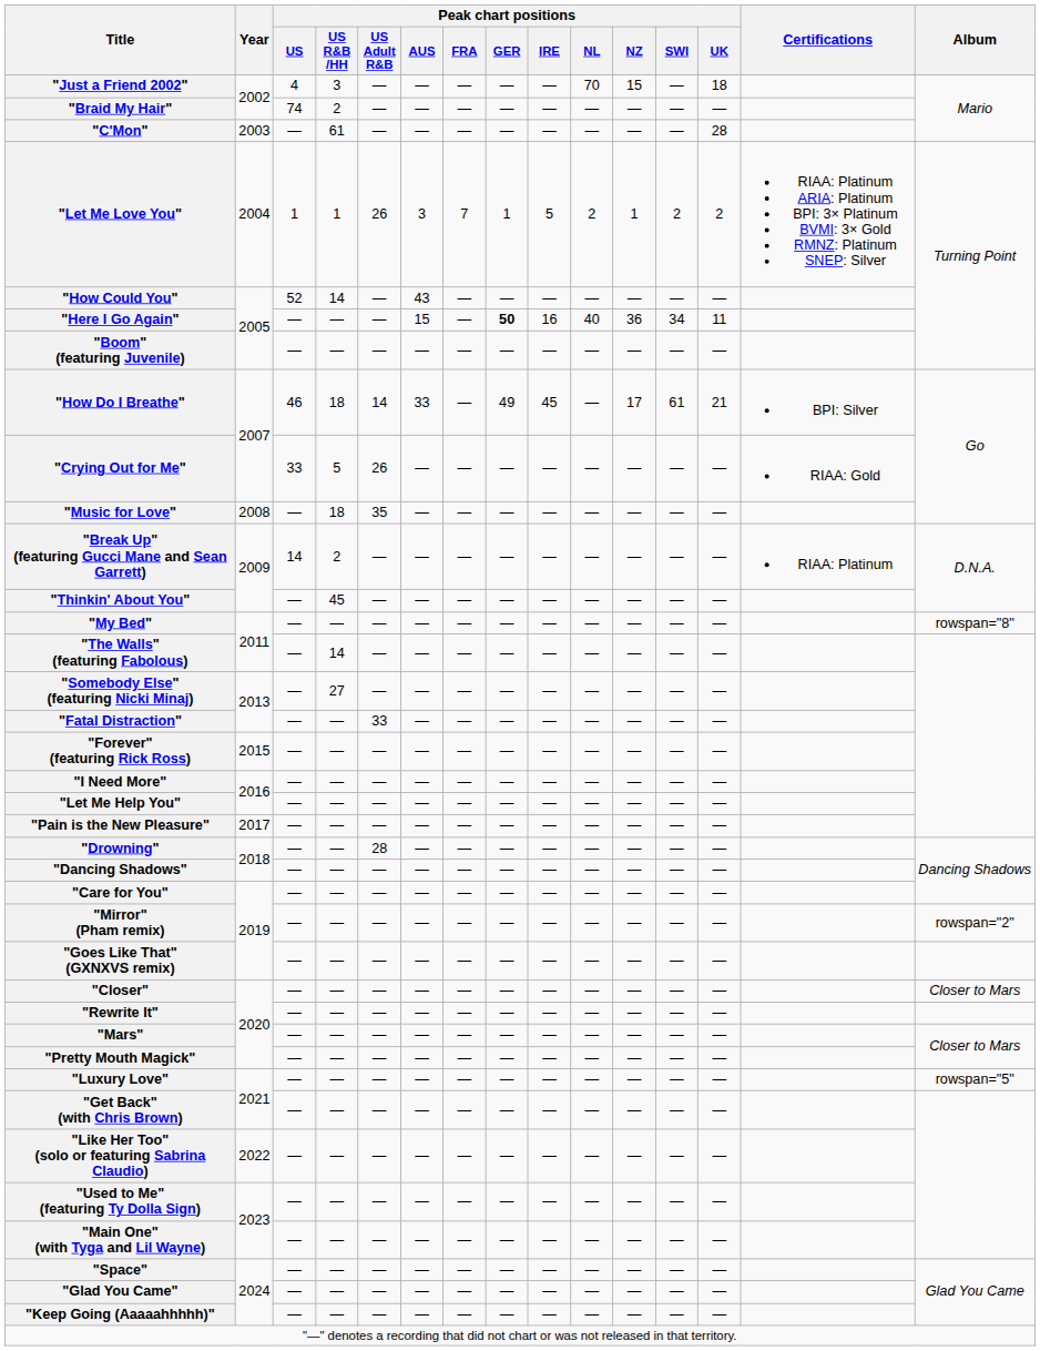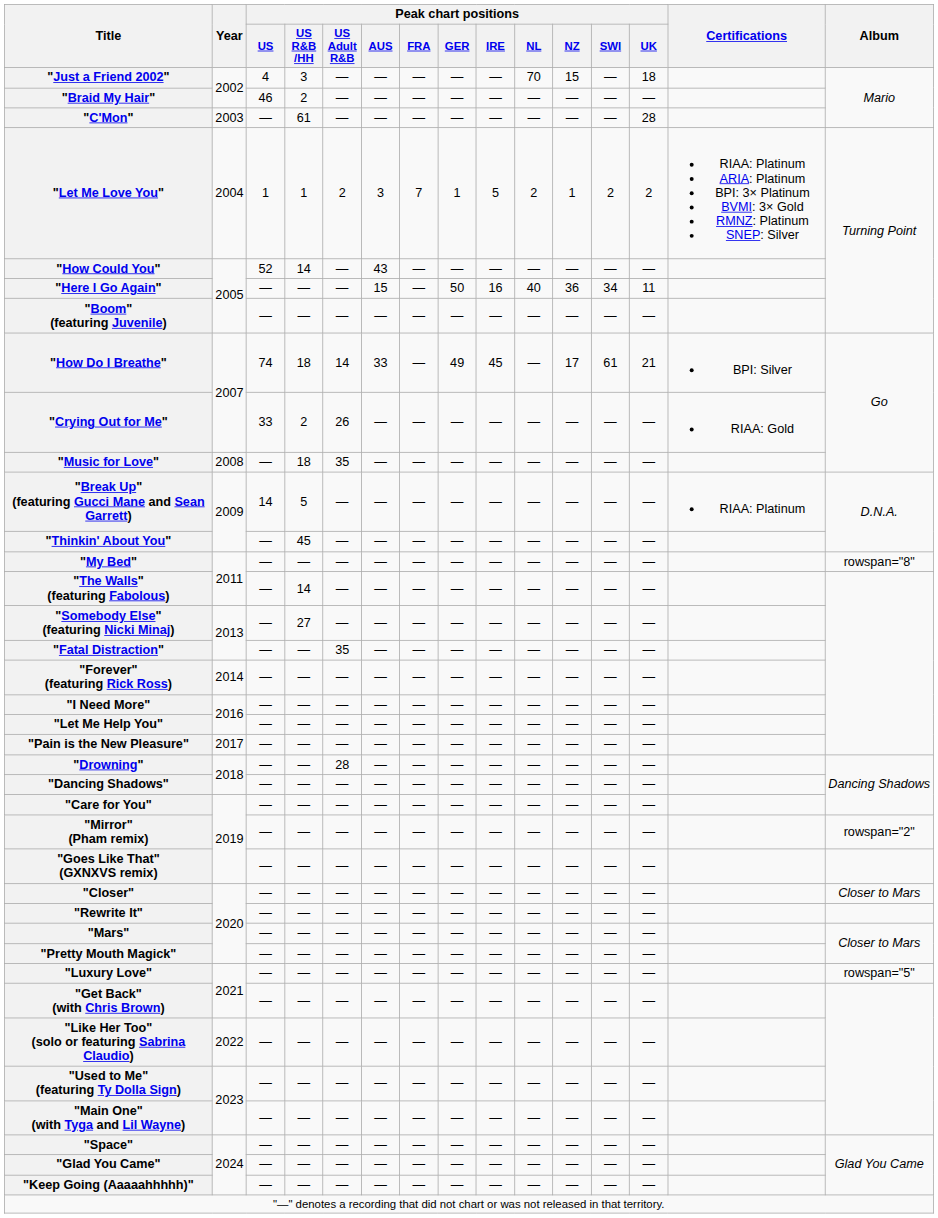 <table class="wikitable plainrowheaders" style="text-align:center;">
 <tr>
 <th scope="col" rowspan="2" style="width:16em;">Title</th>
 <th scope="col" rowspan="2">Year</th>
 <th scope="col" colspan="11">Peak chart positions</th>
 <th scope="col" rowspan="2" style="width:12em;"><a href='#'>Certifications</a></th>
 <th scope="col" rowspan="2">Album</th>
 </tr>
 <tr>
 <th scope="col" style="width:2.9em;font-size:90%;"><a href='#'>US</a><br></th>
 <th scope="col" style="width:2.9em;font-size:90%;"><a href='#'>US R&B<br>/HH</a><br></th>
 <th scope="col"style="width:2.9em;font-size:90%;"><a href='#'>US Adult R&B</a><br></th>
 <th scope="col" style="width:2.9em;font-size:90%;"><a href='#'>AUS</a><br></th>
 <th scope="col" style="width:2.9em;font-size:90%;"><a href='#'>FRA</a><br></th>
 <th scope="col" style="width:2.9em;font-size:90%;"><a href='#'>GER</a><br></th>
 <th scope="col" style="width:2.9em;font-size:90%;"><a href='#'>IRE</a><br></th>
 <th scope="col" style="width:2.9em;font-size:90%;"><a href='#'>NL</a><br></th>
 <th scope="col" style="width:2.9em;font-size:90%;"><a href='#'>NZ</a><br></th>
 <th scope="col" style="width:2.9em;font-size:90%;"><a href='#'>SWI</a><br></th>
 <th scope="col" style="width:2.9em;font-size:90%;"><a href='#'>UK</a><br></th>
 </tr>
 <tr>
 <th scope="row">"<a href='#'>Just a Friend 2002</a>"</th>
 <td rowspan="2">2002</td>
 <td>4</td>
 <td>3</td>
 <td>—</td>
 <td>—</td>
 <td>—</td>
 <td>—</td>
 <td>—</td>
 <td>70</td>
 <td>15</td>
 <td>—</td>
 <td>18</td>
 <td></td>
 <td rowspan="3"><em>Mario</em></td>
 </tr>
 <tr>
 <th scope="row">"<a href='#'>Braid My Hair</a>"</th>
-<td>74</td>
+<td>46</td>
 <td>2</td>
 <td>—</td>
 <td>—</td>
 <td>—</td>
 <td>—</td>
 <td>—</td>
 <td>—</td>
 <td>—</td>
 <td>—</td>
 <td>—</td>
 <td></td>
 </tr>
 <tr>
 <th scope="row">"<a href='#'>C'Mon</a>"</th>
 <td>2003</td>
 <td>—</td>
 <td>61</td>
 <td>—</td>
 <td>—</td>
 <td>—</td>
 <td>—</td>
 <td>—</td>
 <td>—</td>
 <td>—</td>
 <td>—</td>
 <td>28</td>
 <td></td>
 </tr>
 <tr>
 <th scope="row">"<a href='#'>Let Me Love You</a>"</th>
 <td>2004</td>
 <td>1</td>
 <td>1</td>
-<td>26</td>
+<td>2</td>
 <td>3</td>
 <td>7</td>
 <td>1</td>
 <td>5</td>
 <td>2</td>
 <td>1</td>
 <td>2</td>
 <td>2</td>
 <td><br><ul><li>RIAA: Platinum</li><li><a href='#'>ARIA</a>: Platinum</li><li>BPI: 3× Platinum</li><li><a href='#'>BVMI</a>: 3× Gold</li><li><a href='#'>RMNZ</a>: Platinum</li><li><a href='#'>SNEP</a>: Silver</li></ul></td>
 <td rowspan="4"><em>Turning Point</em></td>
 </tr>
 <tr>
 <th scope="row">"<a href='#'>How Could You</a>"</th>
 <td rowspan="3">2005</td>
 <td>52</td>
 <td>14</td>
 <td>—</td>
 <td>43</td>
 <td>—</td>
 <td>—</td>
 <td>—</td>
 <td>—</td>
 <td>—</td>
 <td>—</td>
 <td>—</td>
 <td></td>
 </tr>
 <tr>
 <th scope="row">"<a href='#'>Here I Go Again</a>"</th>
 <td>—</td>
 <td>—</td>
 <td>—</td>
 <td>15</td>
 <td>—</td>
-<td><strong>50</strong></td>
+<td>50</td>
 <td>16</td>
 <td>40</td>
 <td>36</td>
 <td>34</td>
 <td>11</td>
 <td></td>
 </tr>
 <tr>
 <th scope="row">"<a href='#'>Boom</a>"<br><span>(featuring <a href='#'>Juvenile</a>)</span></th>
 <td>—</td>
 <td>—</td>
 <td>—</td>
 <td>—</td>
 <td>—</td>
 <td>—</td>
 <td>—</td>
 <td>—</td>
 <td>—</td>
 <td>—</td>
 <td>—</td>
 <td></td>
 </tr>
 <tr>
 <th scope="row">"<a href='#'>How Do I Breathe</a>"</th>
 <td rowspan="2">2007</td>
-<td>46</td>
+<td>74</td>
 <td>18</td>
 <td>14</td>
 <td>33</td>
 <td>—</td>
 <td>49</td>
 <td>45</td>
 <td>—</td>
 <td>17</td>
 <td>61</td>
 <td>21</td>
 <td><br><ul><li>BPI: Silver</li></ul></td>
 <td rowspan="3"><em>Go</em></td>
 </tr>
 <tr>
 <th scope="row">"<a href='#'>Crying Out for Me</a>"</th>
 <td>33</td>
-<td>5</td>
+<td>2</td>
 <td>26</td>
 <td>—</td>
 <td>—</td>
 <td>—</td>
 <td>—</td>
 <td>—</td>
 <td>—</td>
 <td>—</td>
 <td>—</td>
 <td><br><ul><li>RIAA: Gold</li></ul></td>
 </tr>
 <tr>
 <th scope="row">"<a href='#'>Music for Love</a>"</th>
 <td>2008</td>
 <td>—</td>
 <td>18</td>
 <td>35</td>
 <td>—</td>
 <td>—</td>
 <td>—</td>
 <td>—</td>
 <td>—</td>
 <td>—</td>
 <td>—</td>
 <td>—</td>
 <td></td>
 </tr>
 <tr>
 <th scope="row">"<a href='#'>Break Up</a>"<br><span>(featuring <a href='#'>Gucci Mane</a> and <a href='#'>Sean Garrett</a>)</span></th>
 <td rowspan="2">2009</td>
 <td>14</td>
-<td>2</td>
+<td>5</td>
 <td>—</td>
 <td>—</td>
 <td>—</td>
 <td>—</td>
 <td>—</td>
 <td>—</td>
 <td>—</td>
 <td>—</td>
 <td>—</td>
 <td><br><ul><li>RIAA: Platinum</li></ul></td>
 <td rowspan="2"><em>D.N.A.</em></td>
 </tr>
 <tr>
 <th scope="row">"<a href='#'>Thinkin' About You</a>"</th>
 <td>—</td>
 <td>45</td>
 <td>—</td>
 <td>—</td>
 <td>—</td>
 <td>—</td>
 <td>—</td>
 <td>—</td>
 <td>—</td>
 <td>—</td>
 <td>—</td>
 <td></td>
 </tr>
 <tr>
 <th scope="row">"<a href='#'>My Bed</a>"</th>
 <td rowspan="2">2011</td>
 <td>—</td>
 <td>—</td>
 <td>—</td>
 <td>—</td>
 <td>—</td>
 <td>—</td>
 <td>—</td>
 <td>—</td>
 <td>—</td>
 <td>—</td>
 <td>—</td>
 <td></td>
 <td>rowspan="8" </td>
 </tr>
 <tr>
 <th scope="row">"<a href='#'>The Walls</a>"<br><span>(featuring <a href='#'>Fabolous</a>)</span></th>
 <td>—</td>
 <td>14</td>
 <td>—</td>
 <td>—</td>
 <td>—</td>
 <td>—</td>
 <td>—</td>
 <td>—</td>
 <td>—</td>
 <td>—</td>
 <td>—</td>
 <td></td>
 </tr>
 <tr>
 <th scope="row">"<a href='#'>Somebody Else</a>"<br><span>(featuring <a href='#'>Nicki Minaj</a>)</span></th>
 <td rowspan="2">2013</td>
 <td>—</td>
 <td>27</td>
 <td>—</td>
 <td>—</td>
 <td>—</td>
 <td>—</td>
 <td>—</td>
 <td>—</td>
 <td>—</td>
 <td>—</td>
 <td>—</td>
 <td></td>
 </tr>
 <tr>
 <th scope="row">"<a href='#'>Fatal Distraction</a>"</th>
 <td>―</td>
 <td>―</td>
-<td>33</td>
+<td>35</td>
 <td>—</td>
 <td>—</td>
 <td>—</td>
 <td>—</td>
 <td>—</td>
 <td>—</td>
 <td>—</td>
 <td>—</td>
 <td></td>
 </tr>
 <tr>
 <th scope="row">"Forever" <br><span>(featuring <a href='#'>Rick Ross</a>)</span></th>
-<td>2015</td>
+<td>2014</td>
 <td>―</td>
 <td>―</td>
 <td>—</td>
 <td>—</td>
 <td>—</td>
 <td>—</td>
 <td>—</td>
 <td>—</td>
 <td>—</td>
 <td>—</td>
 <td>—</td>
 <td></td>
 </tr>
 <tr>
 <th scope="row">"I Need More"</th>
 <td rowspan="2">2016</td>
 <td>―</td>
 <td>―</td>
 <td>—</td>
 <td>—</td>
 <td>—</td>
 <td>—</td>
 <td>—</td>
 <td>—</td>
 <td>—</td>
 <td>—</td>
 <td>—</td>
 <td></td>
 </tr>
 <tr>
 <th scope="row">"Let Me Help You"</th>
 <td>―</td>
 <td>―</td>
 <td>—</td>
 <td>—</td>
 <td>—</td>
 <td>—</td>
 <td>—</td>
 <td>—</td>
 <td>—</td>
 <td>—</td>
 <td>—</td>
 <td></td>
 </tr>
 <tr>
 <th scope="row">"Pain is the New Pleasure"</th>
 <td>2017</td>
 <td>―</td>
 <td>―</td>
 <td>—</td>
 <td>—</td>
 <td>—</td>
 <td>—</td>
 <td>—</td>
 <td>—</td>
 <td>—</td>
 <td>—</td>
 <td>—</td>
 <td></td>
 </tr>
 <tr>
 <th scope="row">"<a href='#'>Drowning</a>"</th>
 <td rowspan="2">2018</td>
 <td>―</td>
 <td>―</td>
 <td>28</td>
 <td>—</td>
 <td>—</td>
 <td>—</td>
 <td>—</td>
 <td>—</td>
 <td>—</td>
 <td>—</td>
 <td>—</td>
 <td></td>
 <td rowspan="3"><em>Dancing Shadows</em></td>
 </tr>
 <tr>
 <th scope="row">"Dancing Shadows"</th>
 <td>―</td>
 <td>―</td>
 <td>—</td>
 <td>—</td>
 <td>—</td>
 <td>—</td>
 <td>—</td>
 <td>—</td>
 <td>—</td>
 <td>—</td>
 <td>—</td>
 <td></td>
 </tr>
 <tr>
 <th scope="row">"Care for You"</th>
 <td rowspan="3">2019</td>
 <td>―</td>
 <td>―</td>
 <td>—</td>
 <td>—</td>
 <td>—</td>
 <td>—</td>
 <td>—</td>
 <td>—</td>
 <td>—</td>
 <td>—</td>
 <td>—</td>
 <td></td>
 </tr>
 <tr>
 <th scope="row">"Mirror"<br><span>(Pham remix)</span></th>
 <td>―</td>
 <td>―</td>
 <td>—</td>
 <td>—</td>
 <td>—</td>
 <td>—</td>
 <td>—</td>
 <td>—</td>
 <td>—</td>
 <td>—</td>
 <td>—</td>
 <td></td>
 <td>rowspan="2" </td>
 </tr>
 <tr>
 <th scope="row">"Goes Like That"<br><span>(GXNXVS remix)</span></th>
 <td>―</td>
 <td>―</td>
 <td>—</td>
 <td>—</td>
 <td>—</td>
 <td>—</td>
 <td>—</td>
 <td>—</td>
 <td>—</td>
 <td>—</td>
 <td>—</td>
 <td></td>
 </tr>
 <tr>
 <th scope="row">"Closer"</th>
 <td rowspan="4">2020</td>
 <td>―</td>
 <td>―</td>
 <td>—</td>
 <td>—</td>
 <td>—</td>
 <td>—</td>
 <td>—</td>
 <td>—</td>
 <td>—</td>
 <td>—</td>
 <td>—</td>
 <td></td>
 <td><em>Closer to Mars</em></td>
 </tr>
 <tr>
 <th scope="row">"Rewrite It"</th>
 <td>―</td>
 <td>―</td>
 <td>—</td>
 <td>—</td>
 <td>—</td>
 <td>—</td>
 <td>—</td>
 <td>—</td>
 <td>—</td>
 <td>—</td>
 <td>—</td>
 <td></td>
 <td></td>
 </tr>
 <tr>
 <th scope="row">"Mars"</th>
 <td>―</td>
 <td>―</td>
 <td>—</td>
 <td>—</td>
 <td>—</td>
 <td>—</td>
 <td>—</td>
 <td>—</td>
 <td>—</td>
 <td>—</td>
 <td>—</td>
 <td></td>
 <td rowspan="2"><em>Closer to Mars</em></td>
 </tr>
 <tr>
 <th scope="row">"Pretty Mouth Magick"</th>
 <td>―</td>
 <td>―</td>
 <td>—</td>
 <td>—</td>
 <td>—</td>
 <td>—</td>
 <td>—</td>
 <td>—</td>
 <td>—</td>
 <td>—</td>
 <td>—</td>
 <td></td>
 </tr>
 <tr>
 <th scope="row">"Luxury Love"</th>
 <td rowspan="2">2021</td>
 <td>―</td>
 <td>―</td>
 <td>—</td>
 <td>—</td>
 <td>—</td>
 <td>—</td>
 <td>—</td>
 <td>—</td>
 <td>—</td>
 <td>—</td>
 <td>—</td>
 <td></td>
 <td>rowspan="5" </td>
 </tr>
 <tr>
 <th scope="row">"Get Back"<br><span>(with <a href='#'>Chris Brown</a>)</span></th>
 <td>―</td>
 <td>―</td>
 <td>—</td>
 <td>—</td>
 <td>—</td>
 <td>—</td>
 <td>—</td>
 <td>—</td>
 <td>—</td>
 <td>—</td>
 <td>—</td>
 <td></td>
 </tr>
 <tr>
 <th scope="row">"Like Her Too"<br><span>(solo or featuring <a href='#'>Sabrina Claudio</a>)</span></th>
 <td>2022</td>
 <td>―</td>
 <td>―</td>
 <td>—</td>
 <td>—</td>
 <td>—</td>
 <td>—</td>
 <td>—</td>
 <td>—</td>
 <td>—</td>
 <td>—</td>
 <td>—</td>
 <td></td>
 </tr>
 <tr>
 <th scope="row">"Used to Me"<br><span>(featuring <a href='#'>Ty Dolla Sign</a>)</span></th>
 <td rowspan="2">2023</td>
 <td>―</td>
 <td>―</td>
 <td>—</td>
 <td>—</td>
 <td>—</td>
 <td>—</td>
 <td>—</td>
 <td>—</td>
 <td>—</td>
 <td>—</td>
 <td>—</td>
 <td></td>
 </tr>
 <tr>
 <th scope="row">"Main One"<br><span>(with <a href='#'>Tyga</a> and <a href='#'>Lil Wayne</a>)</span></th>
 <td>―</td>
 <td>―</td>
 <td>—</td>
 <td>—</td>
 <td>—</td>
 <td>—</td>
 <td>—</td>
 <td>—</td>
 <td>—</td>
 <td>—</td>
 <td>—</td>
 <td></td>
 </tr>
 <tr>
 <th scope="row">"Space"</th>
 <td rowspan="3">2024</td>
 <td>―</td>
 <td>―</td>
 <td>—</td>
 <td>—</td>
 <td>—</td>
 <td>—</td>
 <td>—</td>
 <td>—</td>
 <td>—</td>
 <td>—</td>
 <td>—</td>
 <td></td>
 <td rowspan="3"><em>Glad You Came</em></td>
 </tr>
 <tr>
 <th scope="row">"Glad You Came"</th>
 <td>―</td>
 <td>―</td>
 <td>—</td>
 <td>—</td>
 <td>—</td>
 <td>—</td>
 <td>—</td>
 <td>—</td>
 <td>—</td>
 <td>—</td>
 <td>—</td>
 <td></td>
 </tr>
 <tr>
 <th scope="row">"Keep Going (Aaaaahhhhh)"</th>
 <td>―</td>
 <td>―</td>
 <td>—</td>
 <td>—</td>
 <td>—</td>
 <td>—</td>
 <td>—</td>
 <td>—</td>
 <td>—</td>
 <td>—</td>
 <td>—</td>
 <td></td>
 </tr>
 <tr>
 <td colspan="15" style="font-size:90%">"—" denotes a recording that did not chart or was not released in that territory.</td>
 </tr>
 </table>
